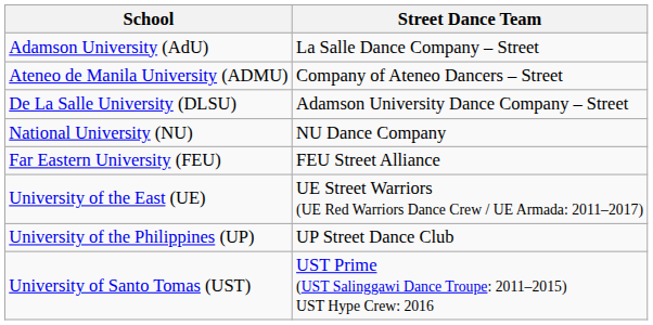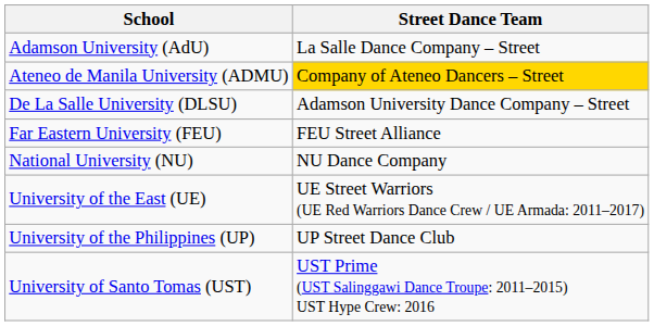 <table class="wikitable" style="text align: center">
 <tr bgcolor="#efefef">
 <th>School</th>
 <th>Street Dance Team</th>
 </tr>
 <tr>
 <td> <a href='#'>Adamson University</a> (AdU)</td>
 <td>La Salle Dance Company – Street</td>
 </tr>
 <tr>
 <td> <a href='#'>Ateneo de Manila University</a> (ADMU)</td>
-<td>Company of Ateneo Dancers – Street</td>
+<td style="background: gold;">Company of Ateneo Dancers – Street</td>
 </tr>
 <tr>
 <td> <a href='#'>De La Salle University</a> (DLSU)</td>
 <td>Adamson University Dance Company – Street</td>
 </tr>
 <tr>
+<td> <a href='#'>Far Eastern University</a> (FEU)</td>
+<td>FEU Street Alliance</td>
+</tr>
+<tr>
 <td> <a href='#'>National University</a> (NU)</td>
 <td>NU Dance Company</td>
-</tr>
-<tr>
-<td> <a href='#'>Far Eastern University</a> (FEU)</td>
-<td>FEU Street Alliance</td>
 </tr>
 <tr>
 <td> <a href='#'>University of the East</a> (UE)</td>
 <td>UE Street Warriors<br><small>(UE Red Warriors Dance Crew / UE Armada: 2011–2017)</small></td>
 </tr>
 <tr>
 <td> <a href='#'>University of the Philippines</a> (UP)</td>
 <td>UP Street Dance Club</td>
 </tr>
 <tr>
 <td> <a href='#'>University of Santo Tomas</a> (UST)</td>
 <td><a href='#'>UST Prime</a><br><small>(<a href='#'>UST Salinggawi Dance Troupe</a>: 2011–2015)<br>UST Hype Crew: 2016</small></td>
 </tr>
 </table>
